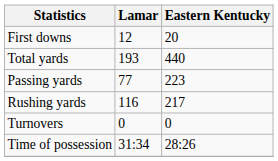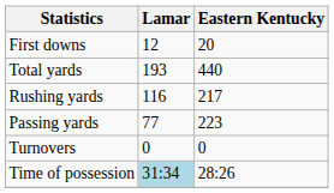 <table class="wikitable" style="float: left;">
 <tr>
 <th>Statistics</th>
 <th><strong>Lamar</strong></th>
 <th><strong>Eastern Kentucky</strong></th>
 </tr>
 <tr>
 <td>First downs</td>
 <td>12</td>
 <td>20</td>
 </tr>
 <tr>
 <td>Total yards</td>
 <td>193</td>
 <td>440</td>
 </tr>
 <tr>
+<td>Rushing yards</td>
+<td>116</td>
+<td>217</td>
+</tr>
+<tr>
 <td>Passing yards</td>
 <td>77</td>
 <td>223</td>
-</tr>
-<tr>
-<td>Rushing yards</td>
-<td>116</td>
-<td>217</td>
 </tr>
 <tr>
 <td>Turnovers</td>
 <td>0</td>
 <td>0</td>
 </tr>
 <tr>
 <td>Time of possession</td>
-<td>31:34</td>
+<td style="background: lightblue;">31:34</td>
 <td>28:26</td>
 </tr>
 <tr>
 </tr>
 </table>
